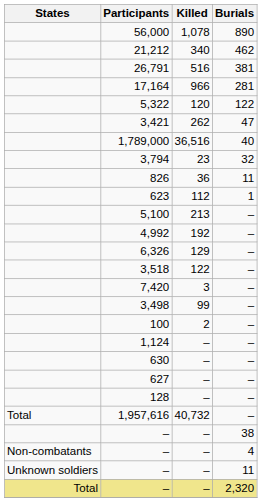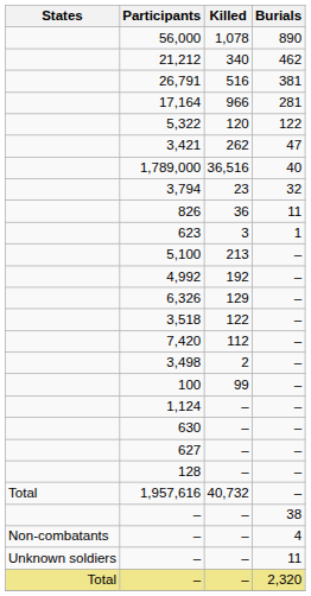 <table class="wikitable sortable" style="text-align:right;">
 <tr>
 <th>States</th>
 <th>Participants</th>
 <th>Killed</th>
 <th>Burials</th>
 </tr>
 <tr>
 <td align=left></td>
 <td>56,000</td>
 <td>1,078</td>
 <td>890</td>
 </tr>
 <tr>
 <td align=left></td>
 <td>21,212</td>
 <td>340</td>
 <td>462</td>
 </tr>
 <tr>
 <td align=left></td>
 <td>26,791</td>
 <td>516</td>
 <td>381</td>
 </tr>
 <tr>
 <td align=left></td>
 <td>17,164</td>
 <td>966</td>
 <td>281</td>
 </tr>
 <tr>
 <td align=left></td>
 <td>5,322</td>
 <td>120</td>
 <td>122</td>
 </tr>
 <tr>
 <td align=left></td>
 <td>3,421</td>
 <td>262</td>
 <td>47</td>
 </tr>
 <tr>
 <td align=left></td>
 <td>1,789,000</td>
 <td>36,516</td>
 <td>40</td>
 </tr>
 <tr>
 <td align=left></td>
 <td>3,794</td>
 <td>23</td>
 <td>32</td>
 </tr>
 <tr>
 <td align=left></td>
 <td>826</td>
 <td>36</td>
 <td>11</td>
 </tr>
 <tr>
 <td align=left></td>
 <td>623</td>
-<td>112</td>
+<td>3</td>
 <td>1</td>
 </tr>
 <tr>
 <td align=left></td>
 <td>5,100</td>
 <td>213</td>
 <td>–</td>
 </tr>
 <tr>
 <td align=left></td>
 <td>4,992</td>
 <td>192</td>
 <td>–</td>
 </tr>
 <tr>
 <td align=left></td>
 <td>6,326</td>
 <td>129</td>
 <td>–</td>
 </tr>
 <tr>
 <td align=left></td>
 <td>3,518</td>
 <td>122</td>
 <td>–</td>
 </tr>
 <tr>
 <td align=left></td>
 <td>7,420</td>
-<td>3</td>
+<td>112</td>
 <td>–</td>
 </tr>
 <tr>
 <td align=left></td>
 <td>3,498</td>
-<td>99</td>
+<td>2</td>
 <td>–</td>
 </tr>
 <tr>
 <td align=left></td>
 <td>100</td>
-<td>2</td>
+<td>99</td>
 <td>–</td>
 </tr>
 <tr>
 <td align=left></td>
 <td>1,124</td>
 <td>–</td>
 <td>–</td>
 </tr>
 <tr>
 <td align=left></td>
 <td>630</td>
 <td>–</td>
 <td>–</td>
 </tr>
 <tr>
 <td align=left></td>
 <td>627</td>
 <td>–</td>
 <td>–</td>
 </tr>
 <tr>
 <td align=left></td>
 <td>128</td>
 <td>–</td>
 <td>–</td>
 </tr>
 <tr>
 <td align=left> Total</td>
 <td>1,957,616</td>
 <td>40,732</td>
 <td>–</td>
 </tr>
 <tr>
 <td align=left></td>
 <td>–</td>
 <td>–</td>
 <td>38</td>
 </tr>
 <tr>
 <td align=left>Non-combatants</td>
 <td>–</td>
 <td>–</td>
 <td>4</td>
 </tr>
 <tr>
 <td align=left>Unknown soldiers</td>
 <td>–</td>
 <td>–</td>
 <td>11</td>
 </tr>
 <tr>
 <td style="background:#F0E68C;">Total</td>
 <td style="background:#F0E68C;">–</td>
 <td style="background:#F0E68C;">–</td>
 <td style="background:#F0E68C;">2,320</td>
 </tr>
 <tr>
 </tr>
 </table>
